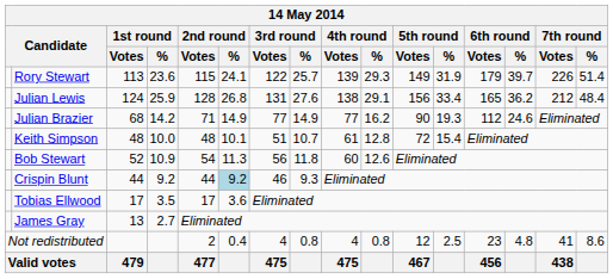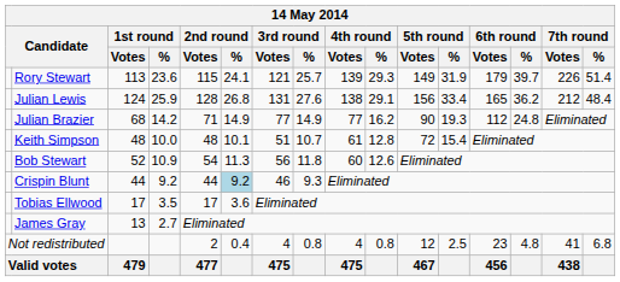 <table class="wikitable" style="min-width:250px;">
 <tr>
 <th colspan="16">14 May 2014</th>
 </tr>
 <tr>
 <th colspan="2" rowspan="2">Candidate</th>
 <th colspan="2">1st round</th>
 <th colspan="2">2nd round</th>
 <th colspan="2">3rd round</th>
 <th colspan="2">4th round</th>
 <th colspan="2">5th round</th>
 <th colspan="2">6th round</th>
 <th colspan="2">7th round</th>
 </tr>
 <tr>
 <th>Votes</th>
 <th>%</th>
 <th>Votes</th>
 <th>%</th>
 <th>Votes</th>
 <th>%</th>
 <th>Votes</th>
 <th>%</th>
 <th>Votes</th>
 <th>%</th>
 <th>Votes</th>
 <th>%</th>
 <th>Votes</th>
 <th>%</th>
 </tr>
 <tr>
 <td style="color:inherit;background-color: "></td>
 <td><a href='#'>Rory Stewart</a></td>
 <td align="right">113</td>
 <td align="right">23.6</td>
 <td align="right">115</td>
 <td align="right">24.1</td>
-<td align="right">122</td>
+<td align="right">121</td>
 <td align="right">25.7</td>
 <td align="right">139</td>
 <td align="right">29.3</td>
 <td align="right">149</td>
 <td align="right">31.9</td>
 <td align="right">179</td>
 <td align="right">39.7</td>
 <td align="right">226</td>
 <td align="right">51.4</td>
 </tr>
 <tr>
 <td style="color:inherit;background-color: "></td>
 <td><a href='#'>Julian Lewis</a></td>
 <td align="right">124</td>
 <td align="right">25.9</td>
 <td align="right">128</td>
 <td align="right">26.8</td>
 <td align="right">131</td>
 <td align="right">27.6</td>
 <td align="right">138</td>
 <td align="right">29.1</td>
 <td align="right">156</td>
 <td align="right">33.4</td>
 <td align="right">165</td>
 <td align="right">36.2</td>
 <td align="right">212</td>
 <td align="right">48.4</td>
 </tr>
 <tr>
 <td style="color:inherit;background-color: "></td>
 <td><a href='#'>Julian Brazier</a></td>
 <td align="right">68</td>
 <td align="right">14.2</td>
 <td align="right">71</td>
 <td align="right">14.9</td>
 <td align="right">77</td>
 <td align="right">14.9</td>
 <td align="right">77</td>
 <td align="right">16.2</td>
 <td align="right">90</td>
 <td align="right">19.3</td>
 <td align="right">112</td>
-<td align="right">24.6</td>
+<td align="right">24.8</td>
 <td colspan="2"><em>Eliminated</em></td>
 </tr>
 <tr>
 <td style="color:inherit;background-color: "></td>
 <td><a href='#'>Keith Simpson</a></td>
 <td align="right">48</td>
 <td align="right">10.0</td>
 <td align="right">48</td>
 <td align="right">10.1</td>
 <td align="right">51</td>
 <td align="right">10.7</td>
 <td align="right">61</td>
 <td align="right">12.8</td>
 <td align="right">72</td>
 <td align="right">15.4</td>
 <td colspan="4"><em>Eliminated</em></td>
 </tr>
 <tr>
 <td style="color:inherit;background-color: "></td>
 <td><a href='#'>Bob Stewart</a></td>
 <td align="right">52</td>
 <td align="right">10.9</td>
 <td align="right">54</td>
 <td align="right">11.3</td>
 <td align="right">56</td>
 <td align="right">11.8</td>
 <td align="right">60</td>
 <td align="right">12.6</td>
 <td colspan="6"><em>Eliminated</em></td>
 </tr>
 <tr>
 <td style="color:inherit;background-color: "></td>
 <td><a href='#'>Crispin Blunt</a></td>
 <td align="right">44</td>
 <td align="right">9.2</td>
 <td align="right">44</td>
 <td align="right" style="background: lightblue;">9.2</td>
 <td align="right">46</td>
 <td align="right">9.3</td>
 <td colspan="8"><em>Eliminated</em></td>
 </tr>
 <tr>
 <td style="color:inherit;background-color: "></td>
 <td><a href='#'>Tobias Ellwood</a></td>
 <td align="right">17</td>
 <td align="right">3.5</td>
 <td align="right">17</td>
 <td align="right">3.6</td>
 <td colspan="10"><em>Eliminated</em></td>
 </tr>
 <tr>
 <td style="color:inherit;background-color: "></td>
 <td><a href='#'>James Gray</a></td>
 <td align="right">13</td>
 <td align="right">2.7</td>
 <td colspan="12"><em>Eliminated</em></td>
 </tr>
 <tr>
 <td colspan="2"><em>Not redistributed</em></td>
 <td align="right"></td>
 <td align="right"></td>
 <td align="right">2</td>
 <td align="right">0.4</td>
 <td align="right">4</td>
 <td align="right">0.8</td>
 <td align="right">4</td>
 <td align="right">0.8</td>
 <td align="right">12</td>
 <td align="right">2.5</td>
 <td align="right">23</td>
 <td align="right">4.8</td>
 <td align="right">41</td>
-<td align="right">8.6</td>
+<td align="right">6.8</td>
 </tr>
 <tr>
 <th style="text-align:left;" colspan="2"><strong>Valid votes</strong></th>
 <th style="text-align:right;">479</th>
 <th style="text-align:right;"></th>
 <th style="text-align:right;">477</th>
 <th style="text-align:right;"></th>
 <th style="text-align:right;">475</th>
 <th style="text-align:right;"></th>
 <th style="text-align:right;">475</th>
 <th style="text-align:right;"></th>
 <th style="text-align:right;">467</th>
 <th style="text-align:right;"></th>
 <th style="text-align:right;">456</th>
 <th style="text-align:right;"></th>
 <th style="text-align:right;">438</th>
 <th style="text-align:right;"></th>
 </tr>
 </table>
